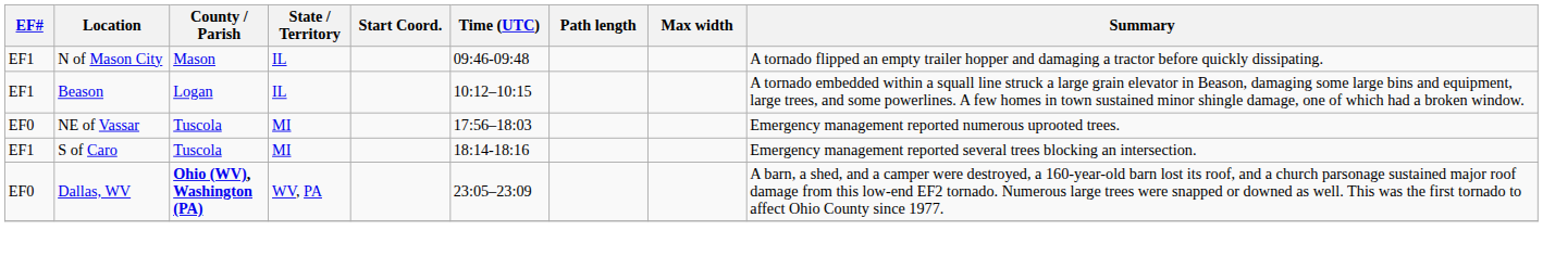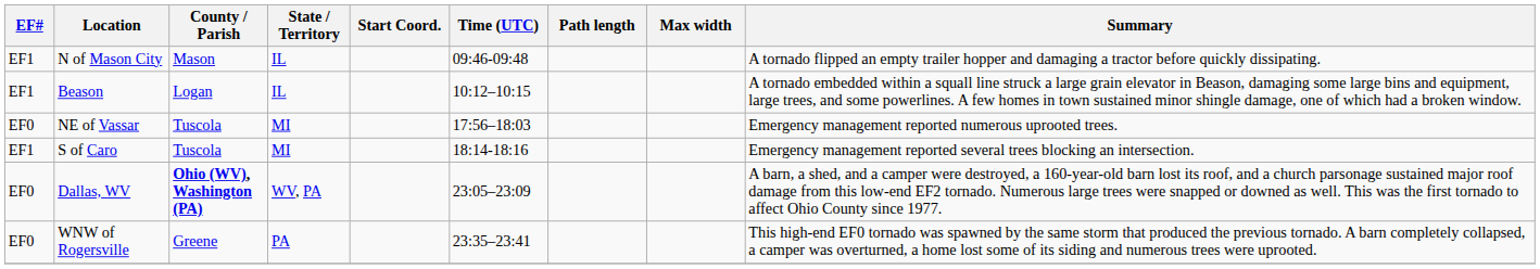 <table class="wikitable sortable" style="width:100%;">
 <tr>
 <th scope="col"  style="width:3%; text-align:center;"><a href='#'>EF#</a></th>
 <th scope="col"  style="width:7%; text-align:center;" class="unsortable">Location</th>
 <th scope="col"  style="width:6%; text-align:center;" class="unsortable">County / Parish</th>
 <th scope="col"  style="width:5%; text-align:center;">State / Territory</th>
 <th scope="col"  style="width:6%; text-align:center;">Start Coord.</th>
 <th scope="col"  style="width:6%; text-align:center;">Time (<a href='#'>UTC</a>)</th>
 <th scope="col"  style="width:6%; text-align:center;">Path length</th>
 <th scope="col"  style="width:6%; text-align:center;">Max width</th>
 <th scope="col" class="unsortable" style="width:48%; text-align:center;">Summary</th>
 </tr>
 <tr>
 <td>EF1</td>
 <td>N of <a href='#'>Mason City</a></td>
 <td><a href='#'>Mason</a></td>
 <td><a href='#'>IL</a></td>
 <td></td>
 <td>09:46-09:48</td>
 <td></td>
 <td></td>
 <td>A tornado flipped an empty trailer hopper and damaging a tractor before quickly dissipating.</td>
 </tr>
 <tr>
 <td>EF1</td>
 <td><a href='#'>Beason</a></td>
 <td><a href='#'>Logan</a></td>
 <td><a href='#'>IL</a></td>
 <td></td>
 <td>10:12–10:15</td>
 <td></td>
 <td></td>
 <td>A tornado embedded within a squall line struck a large grain elevator in Beason, damaging some large bins and equipment, large trees, and some powerlines. A few homes in town sustained minor shingle damage, one of which had a broken window.</td>
 </tr>
 <tr>
 <td>EF0</td>
 <td>NE of <a href='#'>Vassar</a></td>
 <td><a href='#'>Tuscola</a></td>
 <td><a href='#'>MI</a></td>
 <td></td>
 <td>17:56–18:03</td>
 <td></td>
 <td></td>
 <td>Emergency management reported numerous uprooted trees.</td>
 </tr>
 <tr>
 <td>EF1</td>
 <td>S of <a href='#'>Caro</a></td>
 <td><a href='#'>Tuscola</a></td>
 <td><a href='#'>MI</a></td>
 <td></td>
 <td>18:14-18:16</td>
 <td></td>
 <td></td>
 <td>Emergency management reported several trees blocking an intersection.</td>
 </tr>
 <tr>
 <td>EF0</td>
 <td><a href='#'>Dallas, WV</a></td>
 <td><strong><a href='#'>Ohio (WV)</a>, <a href='#'>Washington (PA)</a></strong></td>
 <td><a href='#'>WV</a>, <a href='#'>PA</a></td>
 <td></td>
 <td>23:05–23:09</td>
 <td></td>
 <td></td>
 <td>A barn, a shed, and a camper were destroyed, a 160-year-old barn lost its roof, and a church parsonage sustained major roof damage from this low-end EF2 tornado. Numerous large trees were snapped or downed as well. This was the first tornado to affect Ohio County since 1977.</td>
 </tr>
 <tr>
+<td>EF0</td>
+<td>WNW of <a href='#'>Rogersville</a></td>
+<td><a href='#'>Greene</a></td>
+<td><a href='#'>PA</a></td>
+<td></td>
+<td>23:35–23:41</td>
+<td></td>
+<td></td>
+<td>This high-end EF0 tornado was spawned by the same storm that produced the previous tornado. A barn completely collapsed, a camper was overturned, a home lost some of its siding and numerous trees were uprooted.</td>
+</tr>
+<tr>
 </tr>
 </table>
